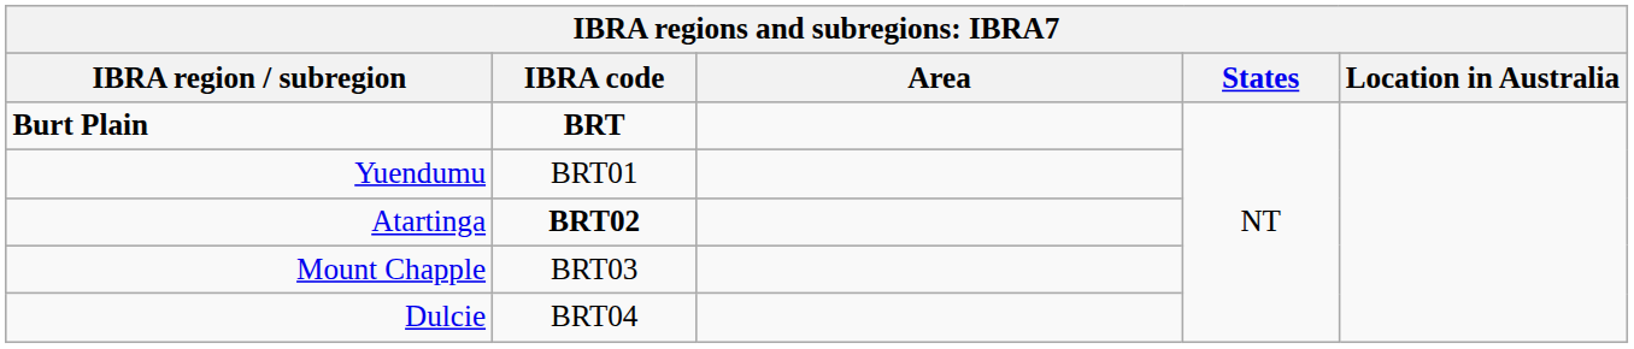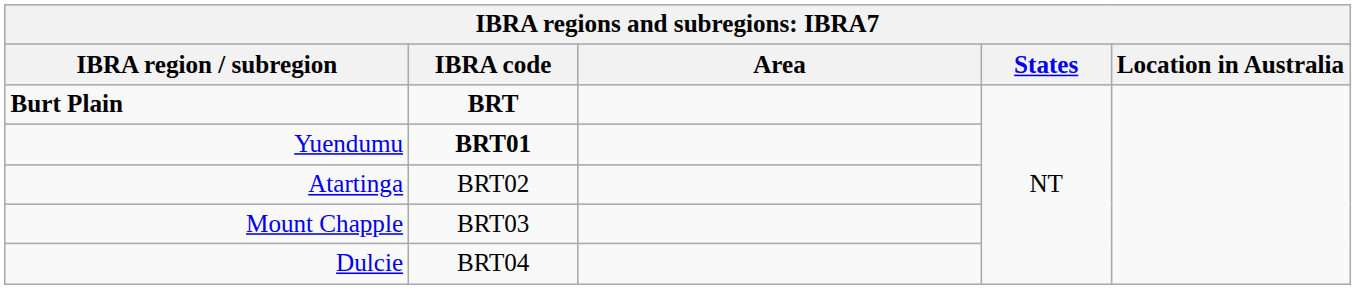 <table class="wikitable sortable">
 <tr>
 <th colspan=5>IBRA regions and subregions: IBRA7</th>
 </tr>
 <tr>
 <th scope="col" width="250px">IBRA region / subregion</th>
 <th scope="col" width="100px">IBRA code</th>
 <th scope="col" width="250px">Area</th>
 <th scope="col" width="75px"><a href='#'>States</a></th>
 <th>Location in Australia</th>
 </tr>
 <tr>
 <td><strong>Burt Plain</strong></td>
 <td align="center"><strong>BRT</strong></td>
 <td align="right"><strong></strong></td>
 <td align="center" rowspan=5>NT</td>
 <td align="center" rowspan=5></td>
 </tr>
 <tr>
 <td align="right"><a href='#'>Yuendumu</a></td>
-<td align="center">BRT01</td>
+<td align="center"><strong>BRT01</strong></td>
 <td align="right"></td>
 </tr>
 <tr>
 <td align="right"><a href='#'>Atartinga</a></td>
-<td align="center"><strong>BRT02</strong></td>
+<td align="center">BRT02</td>
 <td align="right"></td>
 </tr>
 <tr>
 <td align="right"><a href='#'>Mount Chapple</a></td>
 <td align="center">BRT03</td>
 <td align="right"></td>
 </tr>
 <tr>
 <td align="right"><a href='#'>Dulcie</a></td>
 <td align="center">BRT04</td>
 <td align="right"></td>
 </tr>
 </table>
